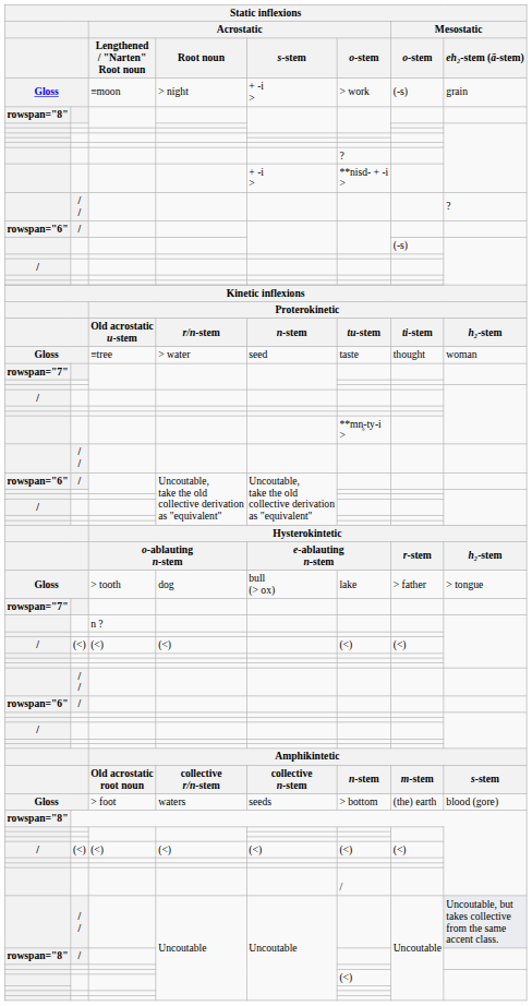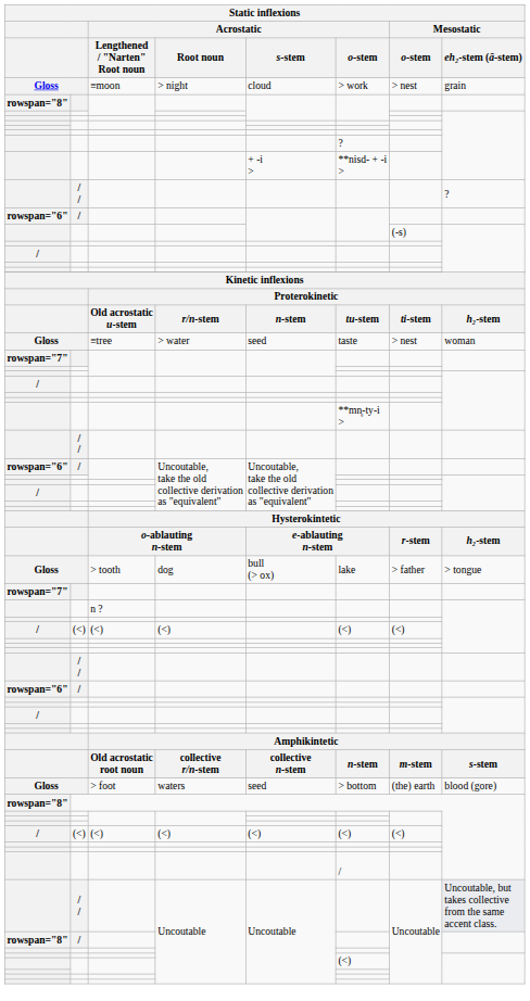 <table class="wikitable">
 <tr>
 <th colspan="8">Static inflexions</th>
 </tr>
 <tr>
 <th colspan="2"></th>
 <th colspan="4">Acrostatic</th>
 <th colspan="2">Mesostatic</th>
 </tr>
 <tr>
 <th colspan="2"></th>
 <th>Lengthened <br>/ "Narten" <br> Root noun</th>
 <th>Root noun</th>
 <th><em>s</em>-stem <em></em></th>
 <th><em>o</em>-stem  <em></em></th>
 <th><em>o</em>-stem  <em></em></th>
 <th><em>eh₂</em>-stem (<em>ā</em>-stem) <br>  <em></em></th>
 </tr>
 <tr>
 <th colspan="2"><a href='#'>Gloss</a></th>
 <td>≡moon <em></em></td>
 <td>> night <em></em></td>
-<td> + -i<br>> </td>
+<td>cloud <em></em> <br></td>
 <td>> work <em></em></td>
-<td> (-s)</td>
+<td>> nest <em></em></td>
 <td>grain <em></em></td>
 </tr>
 <tr>
 <th>rowspan="8" </th>
 <th></th>
 <td rowspan="2"></td>
 <td></td>
 <td rowspan="3"></td>
 <td rowspan="3"></td>
 <td></td>
 <td></td>
 </tr>
 <tr>
 <th></th>
 <td></td>
 <td></td>
 <td></td>
 </tr>
 <tr>
 <th></th>
 <td></td>
 <td></td>
 <td></td>
 <td {{nowrap></td>
 </tr>
 <tr>
 <th></th>
 <td rowspan="2"></td>
 <td rowspan="2"></td>
 <td rowspan="2"></td>
 <td></td>
 <td></td>
 <td rowspan="2"></td>
 </tr>
 <tr>
 <th></th>
 <td></td>
 <td></td>
 </tr>
 <tr>
 <th></th>
 <td></td>
 <td></td>
 <td></td>
 <td></td>
 <td></td>
 <td></td>
 </tr>
 <tr>
 <th></th>
 <td></td>
 <td></td>
 <td></td>
 <td></td>
 <td>?</td>
 <td></td>
 </tr>
 <tr>
 <th></th>
 <td></td>
 <td></td>
 <td></td>
 <td> + -i<br>> </td>
 <td {{PIE>**nisd- + -i<br>> </td>
 <td></td>
 </tr>
 <tr>
 <th></th>
 <th>/<br>/</th>
 <td></td>
 <td></td>
 <td></td>
 <td></td>
 <td></td>
 <td>?</td>
 </tr>
 <tr>
 <th>rowspan="6" </th>
 <th>/</th>
 <td></td>
 <td></td>
 <td rowspan="2"></td>
 <td rowspan="2"></td>
 <td></td>
 <td></td>
 </tr>
 <tr>
 <th></th>
 <td></td>
 <td></td>
 <td></td>
 <td> (-s)</td>
 </tr>
 <tr>
 <th></th>
 <td></td>
 <td></td>
 <td></td>
 <td></td>
 <td></td>
 <td></td>
 </tr>
 <tr>
 <th>/</th>
 <td></td>
 <td></td>
 <td></td>
 <td></td>
 <td></td>
 <td></td>
 </tr>
 <tr>
 <th></th>
 <td></td>
 <td></td>
 <td></td>
 <td></td>
 <td></td>
 <td></td>
 </tr>
 <tr>
 <th></th>
 <td></td>
 <td></td>
 <td></td>
 <td></td>
 <td></td>
 <td></td>
 </tr>
 <tr>
 </tr>
 <tr>
 <th colspan="8">Kinetic inflexions</th>
 </tr>
 <tr>
 <th colspan="2"></th>
 <th colspan="6">Proterokinetic</th>
 </tr>
 <tr>
 <th colspan="2"></th>
 <th>Old acrostatic <br> <em>u</em>-stem <em></em></th>
 <th><em>r/n</em>-stem <em></em></th>
 <th><em>n</em>-stem <em></em></th>
 <th><em>tu</em>-stem</th>
 <th><em>ti</em>-stem</th>
 <th><em>h₂</em>-stem <em></em></th>
 </tr>
 <tr>
 <th colspan="2">Gloss</th>
 <td>≡tree <em></em></td>
 <td>> water <em></em></td>
 <td>seed <em></em> <br></td>
 <td>taste <em></em> <br></td>
-<td>thought <em></em> <br></td>
+<td>> nest <em></em></td>
 <td>woman <em></em> <br></td>
 </tr>
 <tr>
 <th>rowspan="7" </th>
 <th></th>
 <td rowspan="3"></td>
 <td rowspan="3"></td>
 <td rowspan="3"></td>
 <td></td>
 <td></td>
 <td rowspan="2"></td>
 </tr>
 <tr>
 <th></th>
 <td></td>
 <td></td>
 </tr>
 <tr>
 <th></th>
 <td></td>
 <td></td>
 <td></td>
 </tr>
 <tr>
 <th>/</th>
 <td></td>
 <td></td>
 <td></td>
 <td></td>
 <td></td>
 <td></td>
 </tr>
 <tr>
 <th></th>
 <td></td>
 <td></td>
 <td></td>
 <td></td>
 <td></td>
 <td></td>
 </tr>
 <tr>
 <th></th>
 <td></td>
 <td></td>
 <td></td>
 <td></td>
 <td></td>
 <td></td>
 </tr>
 <tr>
 <th></th>
 <td></td>
 <td></td>
 <td {{PIE></td>
 <td></td>
 <td>**mn̥-ty-i <br>> </td>
 <td></td>
 </tr>
 <tr>
 <th></th>
 <th>/<br>/</th>
 <td></td>
 <td></td>
 <td></td>
 <td></td>
 <td></td>
 <td></td>
 </tr>
 <tr>
 <th>rowspan="6" </th>
 <th>/</th>
 <td rowspan="2"></td>
 <td rowspan="6">Uncoutable,<br>take the old <br>collective derivation <br>as "equivalent"</td>
 <td rowspan="6">Uncoutable,<br>take the old <br>collective derivation <br>as "equivalent"</td>
 <td></td>
 <td></td>
 <td></td>
 </tr>
 <tr>
 <th></th>
 <td></td>
 <td></td>
 <td></td>
 </tr>
 <tr>
 <th></th>
 <td></td>
 <td></td>
 <td></td>
 <td></td>
 </tr>
 <tr>
 <th>/</th>
 <td></td>
 <td></td>
 <td></td>
 <td></td>
 </tr>
 <tr>
 <th></th>
 <td></td>
 <td></td>
 <td></td>
 <td></td>
 </tr>
 <tr>
 <th></th>
 <td></td>
 <td></td>
 <td></td>
 <td></td>
 </tr>
 <tr>
 <th colspan="2"></th>
 <th colspan="6">Hysterokintetic</th>
 </tr>
 <tr>
 <th colspan="2"></th>
 <th colspan="2"><em>o</em>-ablauting <br><em>n-</em>stem</th>
 <th colspan="2"><em>e</em>-ablauting <br><em>n-</em>stem</th>
 <th><em>r</em>-stem</th>
 <th><em>h₂</em>-stem <em></em></th>
 </tr>
 <tr>
 <th colspan="2">Gloss</th>
 <td>> tooth <em></em></td>
 <td>dog <em></em><br></td>
 <td>bull <em></em> <br>(> ox)</td>
 <td>lake <em></em> <br></td>
 <td>> father <em></em></td>
 <td>> tongue <em></em></td>
 </tr>
 <tr>
 <th>rowspan="7" </th>
 <th></th>
 <td></td>
 <td></td>
 <td></td>
 <td></td>
 <td></td>
 <td></td>
 </tr>
 <tr>
 <th></th>
 <td></td>
 <td>n ?</td>
 <td></td>
 <td></td>
 <td></td>
 <td></td>
 </tr>
 <tr>
 <th></th>
 <td></td>
 <td></td>
 <td></td>
 <td></td>
 <td></td>
 <td></td>
 </tr>
 <tr>
 <th>/</th>
 <td> (<)</td>
 <td> (<)</td>
 <td> (<)</td>
 <td></td>
 <td> (<)</td>
 <td> (<)</td>
 </tr>
 <tr>
 <th></th>
 <td></td>
 <td></td>
 <td></td>
 <td></td>
 <td></td>
 <td></td>
 </tr>
 <tr>
 <th></th>
 <td></td>
 <td></td>
 <td></td>
 <td></td>
 <td></td>
 <td></td>
 </tr>
 <tr>
 <th></th>
 <td></td>
 <td></td>
 <td></td>
 <td></td>
 <td></td>
 <td></td>
 </tr>
 <tr>
 <th></th>
 <th>/<br>/</th>
 <td></td>
 <td></td>
 <td></td>
 <td></td>
 <td></td>
 <td></td>
 </tr>
 <tr>
 <th>rowspan="6" </th>
 <th>/</th>
 <td></td>
 <td></td>
 <td></td>
 <td></td>
 <td></td>
 <td></td>
 </tr>
 <tr>
 <th></th>
 <td></td>
 <td></td>
 <td></td>
 <td></td>
 <td></td>
 <td></td>
 </tr>
 <tr>
 <th></th>
 <td></td>
 <td></td>
 <td></td>
 <td></td>
 <td></td>
 <td></td>
 </tr>
 <tr>
 <th>/</th>
 <td></td>
 <td></td>
 <td></td>
 <td></td>
 <td></td>
 <td></td>
 </tr>
 <tr>
 <th></th>
 <td></td>
 <td></td>
 <td></td>
 <td></td>
 <td></td>
 <td></td>
 </tr>
 <tr>
 <th></th>
 <td></td>
 <td></td>
 <td></td>
 <td></td>
 <td></td>
 <td></td>
 </tr>
 <tr>
 <th colspan="2"></th>
 <th colspan="6">Amphikintetic</th>
 </tr>
 <tr>
 <th colspan="2"></th>
 <th>Old acrostatic  <br> root noun</th>
 <th>collective <br> <em>r/n</em>-stem <em></em></th>
 <th>collective <br> <em>n</em>-stem <em></em></th>
 <th><em>n</em>-stem</th>
 <th><em>m</em>-stem</th>
 <th><em>s</em>-stem</th>
 </tr>
 <tr>
 <th colspan="2">Gloss</th>
 <td>> foot <em></em></td>
 <td>waters <em></em></td>
-<td>seeds <em></em></td>
+<td>seed <em></em> <br></td>
 <td>> bottom <em></em></td>
 <td>(the) earth <em></em> <br></td>
 <td>blood (gore) <em></em> <br></td>
 </tr>
 <tr>
 <th>rowspan="8" </th>
 </tr>
 <tr>
 <th></th>
 <td></td>
 <td rowspan="3"></td>
 <td rowspan="3"></td>
 <td></td>
 <td></td>
 <td rowspan="3"></td>
 </tr>
 <tr>
 <th></th>
 <td></td>
 <td></td>
 <td></td>
 </tr>
 <tr>
 <th></th>
 <td></td>
 <td></td>
 <td></td>
 </tr>
 <tr>
 <th>/</th>
 <td> (<)</td>
 <td> (<)</td>
 <td> (<)</td>
 <td> (<)</td>
 <td> (<)</td>
 <td> (<)</td>
 </tr>
 <tr>
 <th></th>
 <td></td>
 <td></td>
 <td></td>
 <td></td>
 <td></td>
 <td></td>
 </tr>
 <tr>
 <th></th>
 <td></td>
 <td></td>
 <td></td>
 <td></td>
 <td></td>
 <td></td>
 </tr>
 <tr>
 <th></th>
 <td></td>
 <td></td>
 <td></td>
 <td></td>
 <td> <br>/ </td>
 <td></td>
 </tr>
 <tr>
 <th></th>
 <th>/<br>/</th>
 <td></td>
 <td rowspan="8">Uncoutable</td>
 <td rowspan="8">Uncoutable</td>
 <td></td>
 <td rowspan="8">Uncoutable</td>
 <td bgcolor="#eaecf0">Uncoutable, but <br>takes collective <br>from the same <br>accent class.</td>
 </tr>
 <tr>
 <th>rowspan="8" </th>
 <th>/</th>
 <td></td>
 <td></td>
 <td rowspan="2"></td>
 </tr>
 <tr>
 <th></th>
 <td></td>
 <td></td>
 </tr>
 <tr>
 <th></th>
 <td></td>
 <td></td>
 <td rowspan="2"> (<)</td>
 </tr>
 <tr>
 <th></th>
 <td rowspan="2"></td>
 <td rowspan="2"></td>
 </tr>
 <tr>
 <th></th>
 <td></td>
 </tr>
 <tr>
 <th></th>
 <td></td>
 <td></td>
 <td></td>
 </tr>
 <tr>
 <th></th>
 <td></td>
 <td></td>
 <td></td>
 </tr>
 </table>
